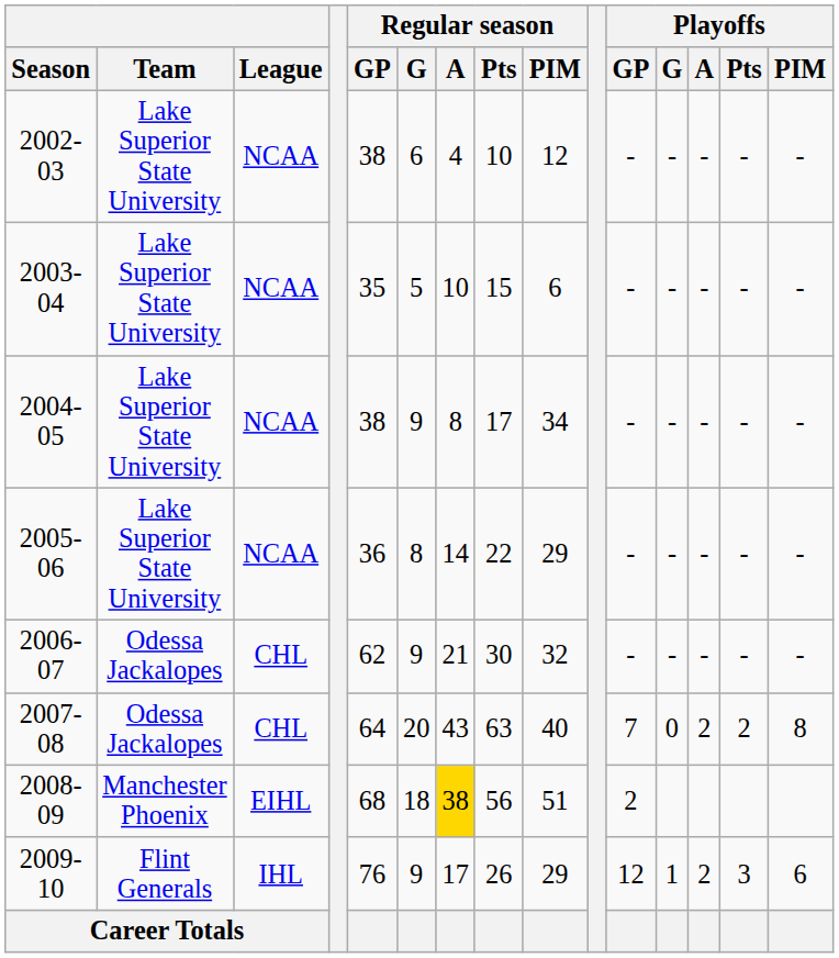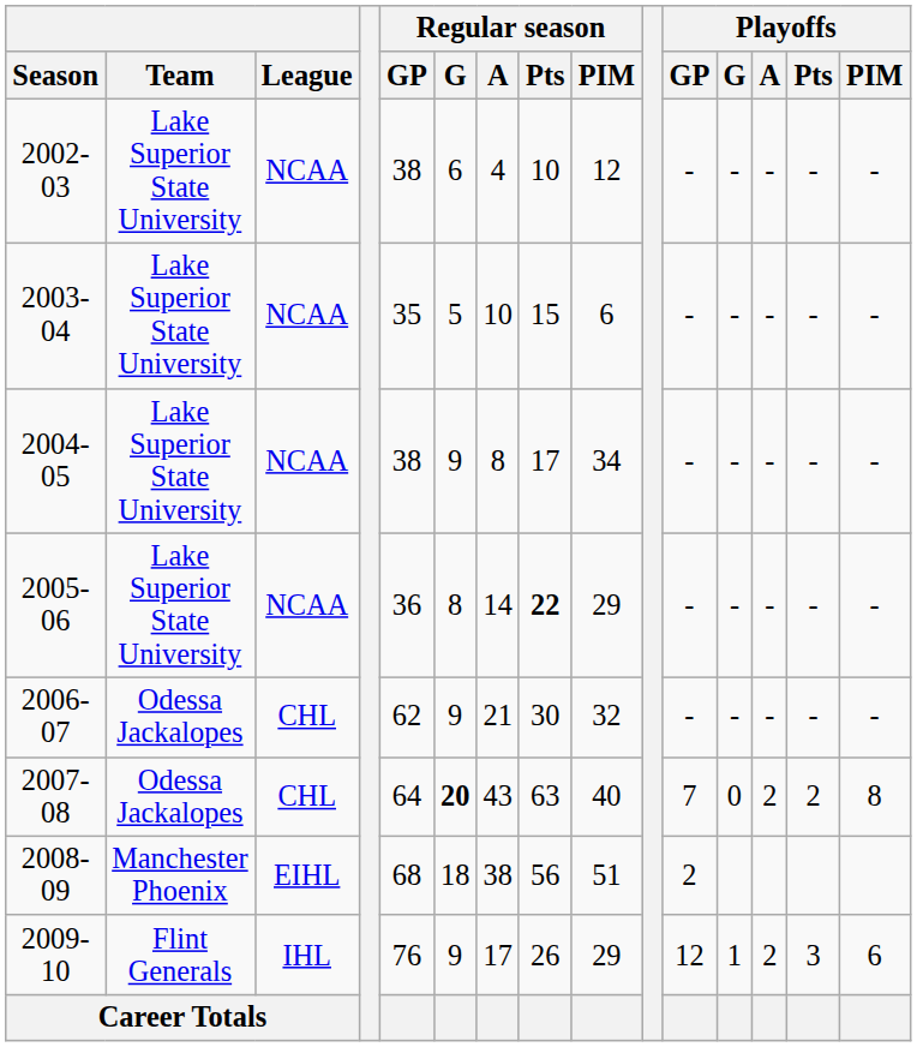 <table class="wikitable"| BORDER="0" CELLPADDING="1" CELLSPACING="0" width="75%" style="text-align:center">
 <tr bgcolor="#e0e0e0">
 <th colspan="3" bgcolor="#ffffff"> </th>
 <th rowspan="99" bgcolor="#ffffff"> </th>
 <th colspan="5">Regular season</th>
 <th rowspan="99" bgcolor="#ffffff"> </th>
 <th colspan="5">Playoffs</th>
 </tr>
 <tr bgcolor="#e0e0e0">
 <th>Season</th>
 <th>Team</th>
 <th>League</th>
 <th>GP</th>
 <th>G</th>
 <th>A</th>
 <th>Pts</th>
 <th>PIM</th>
 <th>GP</th>
 <th>G</th>
 <th>A</th>
 <th>Pts</th>
 <th>PIM</th>
 </tr>
 <tr ALIGN="center">
 <td>2002-03</td>
 <td><a href='#'>Lake Superior State University</a></td>
 <td><a href='#'>NCAA</a></td>
 <td>38</td>
 <td>6</td>
 <td>4</td>
 <td>10</td>
 <td>12</td>
 <td>-</td>
 <td>-</td>
 <td>-</td>
 <td>-</td>
 <td>-</td>
 </tr>
 <tr ALIGN="center">
 <td>2003-04</td>
 <td><a href='#'>Lake Superior State University</a></td>
 <td><a href='#'>NCAA</a></td>
 <td>35</td>
 <td>5</td>
 <td>10</td>
 <td>15</td>
 <td>6</td>
 <td>-</td>
 <td>-</td>
 <td>-</td>
 <td>-</td>
 <td>-</td>
 </tr>
 <tr ALIGN="center">
 <td>2004-05</td>
 <td><a href='#'>Lake Superior State University</a></td>
 <td><a href='#'>NCAA</a></td>
 <td>38</td>
 <td>9</td>
 <td>8</td>
 <td>17</td>
 <td>34</td>
 <td>-</td>
 <td>-</td>
 <td>-</td>
 <td>-</td>
 <td>-</td>
 </tr>
 <tr ALIGN="center">
 <td>2005-06</td>
 <td><a href='#'>Lake Superior State University</a></td>
 <td><a href='#'>NCAA</a></td>
 <td>36</td>
 <td>8</td>
 <td>14</td>
-<td>22</td>
+<td><strong>22</strong></td>
 <td>29</td>
 <td>-</td>
 <td>-</td>
 <td>-</td>
 <td>-</td>
 <td>-</td>
 </tr>
 <tr ALIGN="center">
 <td>2006-07</td>
 <td><a href='#'>Odessa Jackalopes</a></td>
 <td><a href='#'>CHL</a></td>
 <td>62</td>
 <td>9</td>
 <td>21</td>
 <td>30</td>
 <td>32</td>
 <td>-</td>
 <td>-</td>
 <td>-</td>
 <td>-</td>
 <td>-</td>
 </tr>
 <tr ALIGN="center">
 <td>2007-08</td>
 <td><a href='#'>Odessa Jackalopes</a></td>
 <td><a href='#'>CHL</a></td>
 <td>64</td>
-<td>20</td>
+<td><strong>20</strong></td>
 <td>43</td>
 <td>63</td>
 <td>40</td>
 <td>7</td>
 <td>0</td>
 <td>2</td>
 <td>2</td>
 <td>8</td>
 </tr>
 <tr ALIGN="center">
 <td>2008-09</td>
 <td><a href='#'>Manchester Phoenix</a></td>
 <td><a href='#'>EIHL</a></td>
 <td>68</td>
 <td>18</td>
-<td style="background: gold;">38</td>
+<td>38</td>
 <td>56</td>
 <td>51</td>
 <td>2</td>
 <td></td>
 <td></td>
 <td></td>
 <td></td>
 </tr>
 <tr ALIGN="center">
 <td>2009-10</td>
 <td><a href='#'>Flint Generals</a></td>
 <td><a href='#'>IHL</a></td>
 <td>76</td>
 <td>9</td>
 <td>17</td>
 <td>26</td>
 <td>29</td>
 <td>12</td>
 <td>1</td>
 <td>2</td>
 <td>3</td>
 <td>6</td>
 </tr>
 <tr bgcolor="#e0e0e0">
 <th colspan="3">Career Totals</th>
 <th></th>
 <th></th>
 <th></th>
 <th></th>
 <th></th>
 <th></th>
 <th></th>
 <th></th>
 <th></th>
 <th></th>
 </tr>
 </table>
